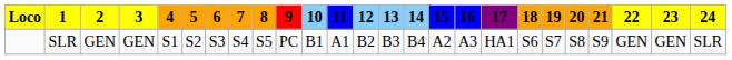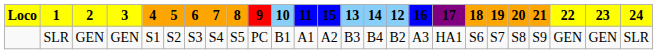 <table class="wikitable plainrowheaders unsortable" style="text-align:center">
 <tr>
 <th rowspan="1" scope="col" style="background:yellow;">Loco</th>
 <th rowspan="1" scope="col" style="background:yellow;">1</th>
 <th rowspan="1" scope="col" style="background:yellow;">2</th>
 <th rowspan="1" scope="col" style="background:yellow;">3</th>
 <th rowspan="1" scope="col" style="background:orange;">4</th>
 <th rowspan="1" scope="col" style="background:orange;">5</th>
 <th rowspan="1" scope="col" style="background:orange;">6</th>
 <th rowspan="1" scope="col" style="background:orange;">7</th>
 <th rowspan="1" scope="col" style="background:orange;">8</th>
 <th rowspan="1" scope="col" style="background:red;">9</th>
 <th rowspan="1" scope="col" style="background:lightskyblue;">10</th>
 <th rowspan="1" scope="col" style="background:rgb(0,0,255);">11</th>
-<th rowspan="1" scope="col" style="background:lightskyblue;">12</th>
+<th rowspan="1" scope="col" style="background:rgb(0,0,255);">15</th>
 <th rowspan="1" scope="col" style="background:lightskyblue;">13</th>
 <th rowspan="1" scope="col" style="background:lightskyblue;">14</th>
-<th rowspan="1" scope="col" style="background:rgb(0,0,255);">15</th>
+<th rowspan="1" scope="col" style="background:lightskyblue;">12</th>
 <th rowspan="1" scope="col" style="background:rgb(0,0,255);">16</th>
 <th rowspan="1" scope="col" style="background:purple;">17</th>
 <th rowspan="1" scope="col" style="background:orange;">18</th>
 <th rowspan="1" scope="col" style="background:orange;">19</th>
 <th rowspan="1" scope="col" style="background:orange;">20</th>
 <th rowspan="1" scope="col" style="background:orange;">21</th>
 <th rowspan="1" scope="col" style="background:yellow;">22</th>
 <th rowspan="1" scope="col" style="background:yellow;">23</th>
 <th rowspan="1" scope="col" style="background:yellow;">24</th>
 </tr>
 <tr>
 <td></td>
 <td>SLR</td>
 <td>GEN</td>
 <td>GEN</td>
 <td>S1</td>
 <td>S2</td>
 <td>S3</td>
 <td>S4</td>
 <td>S5</td>
 <td>PC</td>
 <td>B1</td>
 <td>A1</td>
-<td>B2</td>
+<td>A2</td>
 <td>B3</td>
 <td>B4</td>
-<td>A2</td>
+<td>B2</td>
 <td>A3</td>
 <td>HA1</td>
 <td>S6</td>
 <td>S7</td>
 <td>S8</td>
 <td>S9</td>
 <td>GEN</td>
 <td>GEN</td>
 <td>SLR</td>
 </tr>
 </table>
